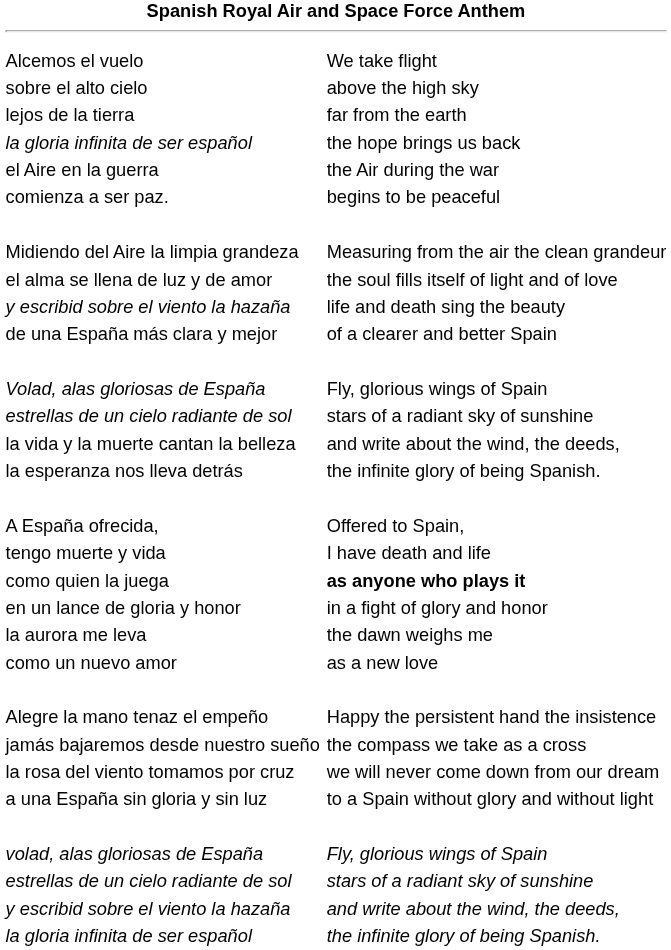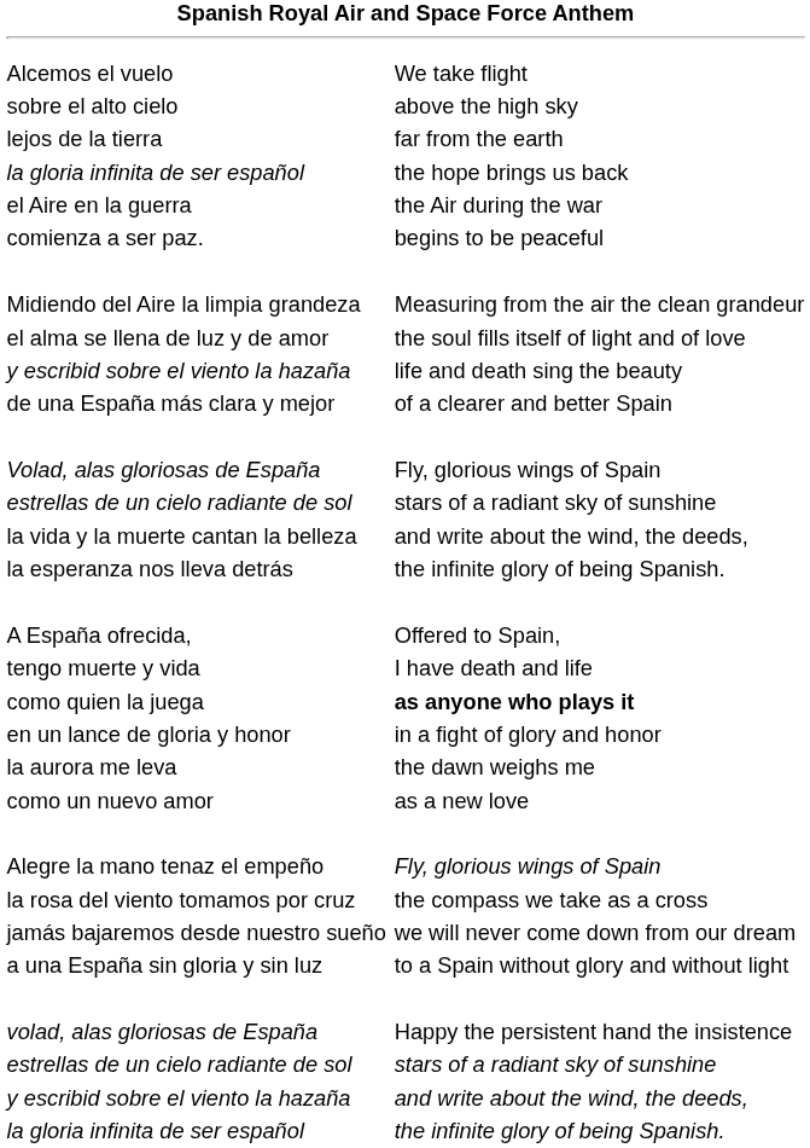 <table cellpadding=2 style="background:transparent;">
 <tr>
 <td align="center" colspan="2"><strong>Spanish  Royal Air and Space Force Anthem</strong><br><hr></td>
 </tr>
 <tr>
 </tr>
 <tr>
 <td>Alcemos el vuelo</td>
 <td>We take flight</td>
 </tr>
 <tr>
 <td>sobre el alto cielo</td>
 <td>above the high sky</td>
 </tr>
 <tr>
 <td>lejos de la tierra</td>
 <td>far from the earth</td>
 </tr>
 <tr>
 <td><em>la gloria infinita de ser español</em></td>
 <td>the hope brings us back</td>
 </tr>
 <tr>
 <td>el Aire en la guerra</td>
 <td>the Air during the war</td>
 </tr>
 <tr>
 <td>comienza a ser paz.</td>
 <td>begins to be peaceful</td>
 </tr>
 <tr>
 <td> </td>
 <td></td>
 </tr>
 <tr>
 <td>Midiendo del Aire la limpia grandeza</td>
 <td>Measuring from the air the clean grandeur</td>
 </tr>
 <tr>
 <td>el alma se llena de luz y de amor</td>
 <td>the soul fills itself of light and of love</td>
 </tr>
 <tr>
 <td><em>y escribid sobre el viento la hazaña</em></td>
 <td>life and death sing the beauty</td>
 </tr>
 <tr>
 <td>de una España más clara y mejor</td>
 <td>of a clearer and better Spain</td>
 </tr>
 <tr>
 <td> </td>
 <td></td>
 </tr>
 <tr>
 <td><em>Volad, alas gloriosas de España</em></td>
 <td>Fly, glorious wings of Spain</td>
 </tr>
 <tr>
 <td><em>estrellas de un cielo radiante de sol</em></td>
 <td>stars of a radiant sky of sunshine</td>
 </tr>
 <tr>
 <td>la vida y la muerte cantan la belleza</td>
 <td>and write about the wind, the deeds,</td>
 </tr>
 <tr>
 <td>la esperanza nos lleva detrás</td>
 <td>the infinite glory of being Spanish.</td>
 </tr>
 <tr>
 <td> </td>
 <td></td>
 </tr>
 <tr>
 <td>A España ofrecida,</td>
 <td>Offered to Spain,</td>
 </tr>
 <tr>
 <td>tengo muerte y vida</td>
 <td>I have death and life</td>
 </tr>
 <tr>
 <td>como quien la juega</td>
 <td><strong>as anyone who plays it</strong></td>
 </tr>
 <tr>
 <td>en un lance de gloria y honor</td>
 <td>in a fight of glory and honor</td>
 </tr>
 <tr>
 <td>la aurora me leva</td>
 <td>the dawn weighs me</td>
 </tr>
 <tr>
 <td>como un nuevo amor</td>
 <td>as a new love</td>
 </tr>
 <tr>
 <td> </td>
 <td></td>
 </tr>
 <tr>
 <td>Alegre la mano tenaz el empeño</td>
-<td>Happy the persistent hand the insistence</td>
+<td><em>Fly, glorious wings of Spain</em></td>
+</tr>
+<tr>
+<td>la rosa del viento tomamos por cruz</td>
+<td>the compass we take as a cross</td>
 </tr>
 <tr>
 <td>jamás bajaremos desde nuestro sueño</td>
-<td>the compass we take as a cross</td>
-</tr>
-<tr>
-<td>la rosa del viento tomamos por cruz</td>
 <td>we will never come down from our dream</td>
 </tr>
 <tr>
 <td>a una España sin gloria y sin luz</td>
 <td>to a Spain without glory and without light</td>
 </tr>
 <tr>
 <td> </td>
 <td></td>
 </tr>
 <tr>
 <td><em>volad, alas gloriosas de España</em></td>
-<td><em>Fly, glorious wings of Spain</em></td>
+<td>Happy the persistent hand the insistence</td>
 </tr>
 <tr>
 <td><em>estrellas de un cielo radiante de sol</em></td>
 <td><em>stars of a radiant sky of sunshine</em></td>
 </tr>
 <tr>
 <td><em>y escribid sobre el viento la hazaña</em></td>
 <td><em>and write about the wind, the deeds,</em></td>
 </tr>
 <tr>
 <td><em>la gloria infinita de ser español</em></td>
 <td><em>the infinite glory of being Spanish.</em></td>
 </tr>
 <tr>
 </tr>
 <tr>
 </tr>
 </table>
